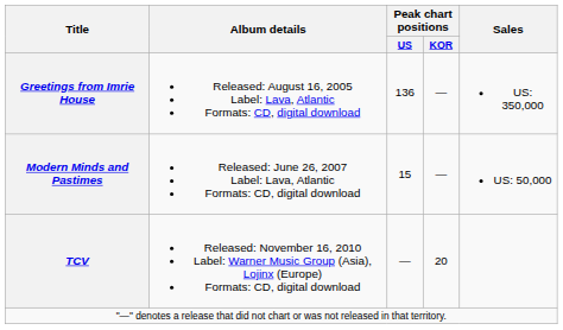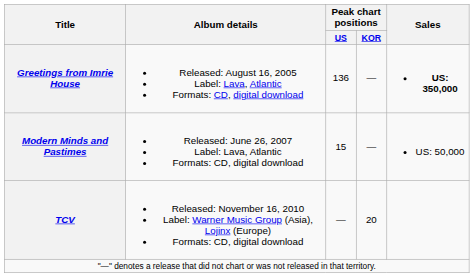 <table class="wikitable plainrowheaders" style="text-align:center;">
 <tr>
 <th scope="col" rowspan="2" style="width:12em;">Title</th>
 <th scope="col" rowspan="2" style="width:20em;">Album details</th>
 <th scope="col" colspan="2">Peak chart positions</th>
 <th scope="col" rowspan="2" style="width:8em;">Sales</th>
 </tr>
 <tr>
 <th scope="col" style="width:3em;font-size:90%;"><a href='#'>US</a><br></th>
 <th scope="col" style="width:3em;font-size:90%;"><a href='#'>KOR</a><br></th>
 </tr>
 <tr>
 <th scope="row"><em><a href='#'>Greetings from Imrie House</a></em></th>
 <td><br><ul><li>Released: August 16, 2005</li><li>Label: <a href='#'>Lava</a>, <a href='#'>Atlantic</a></li><li>Formats: <a href='#'>CD</a>, <a href='#'>digital download</a></li></ul></td>
 <td>136</td>
 <td>—</td>
-<td><br><ul><li>US: 350,000</li></ul></td>
+<td><strong><br><ul><li>US: 350,000</li></ul></strong></td>
 </tr>
 <tr>
 <th scope="row"><em><a href='#'>Modern Minds and Pastimes</a></em></th>
 <td><br><ul><li>Released: June 26, 2007</li><li>Label: Lava, Atlantic</li><li>Formats: CD, digital download</li></ul></td>
 <td>15</td>
 <td>—</td>
 <td><br><ul><li>US: 50,000</li></ul></td>
 </tr>
 <tr>
 <th scope="row"><em><a href='#'>TCV</a></em></th>
 <td><br><ul><li>Released: November 16, 2010</li><li>Label: <a href='#'>Warner Music Group</a> (Asia), <a href='#'>Lojinx</a> (Europe)</li><li>Formats: CD, digital download</li></ul></td>
 <td>—</td>
 <td>20</td>
 <td></td>
 </tr>
 <tr>
 <td colspan="8" style="font-size:85%">"—" denotes a release that did not chart or was not released in that territory.</td>
 </tr>
 </table>
